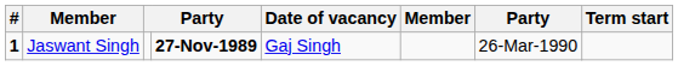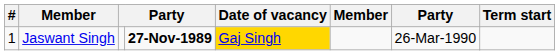 <table class="wikitable">
 <tr>
 <th>#</th>
 <th>Member</th>
 <th colspan="2">Party</th>
 <th>Date of vacancy</th>
 <th>Member</th>
 <th colspan="2">Party</th>
 <th>Term start</th>
 </tr>
 <tr>
-<td><strong>1</strong></td>
+<td>1</td>
 <td><a href='#'>Jaswant Singh</a></td>
 <td></td>
 <td><strong>27-Nov-1989</strong></td>
-<td><a href='#'>Gaj Singh</a></td>
+<td style="background: gold;"><a href='#'>Gaj Singh</a></td>
 <td></td>
 <td>26-Mar-1990</td>
 </tr>
 </table>
